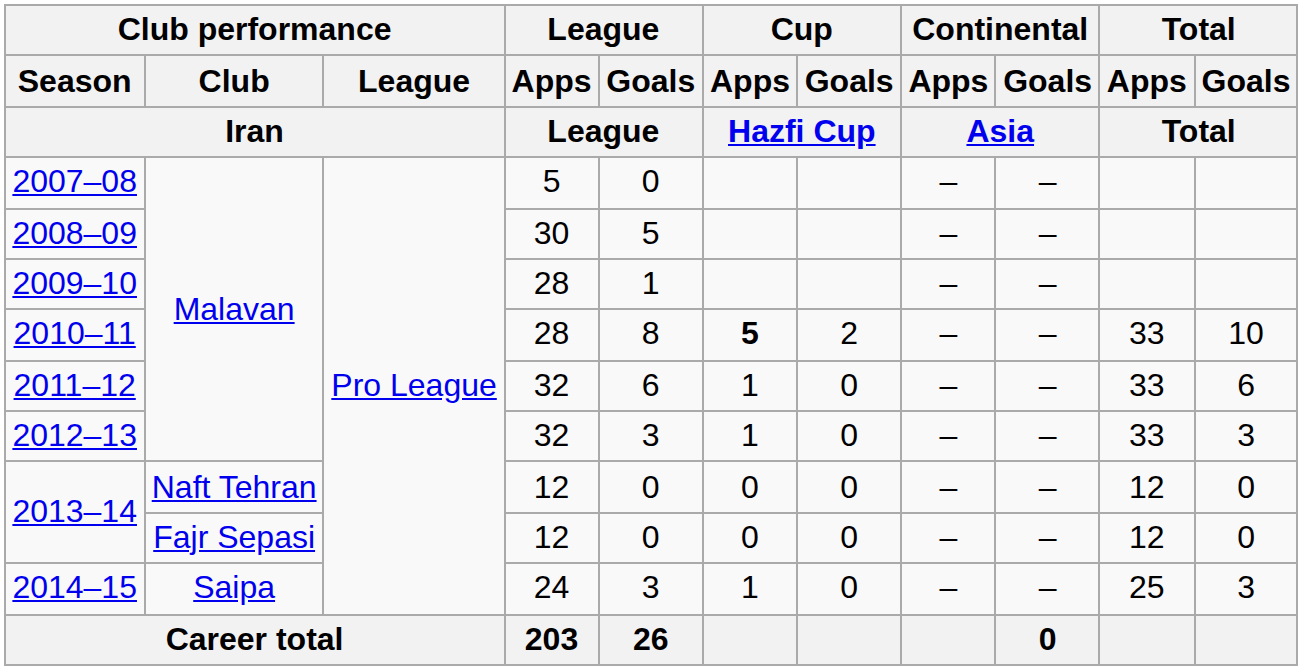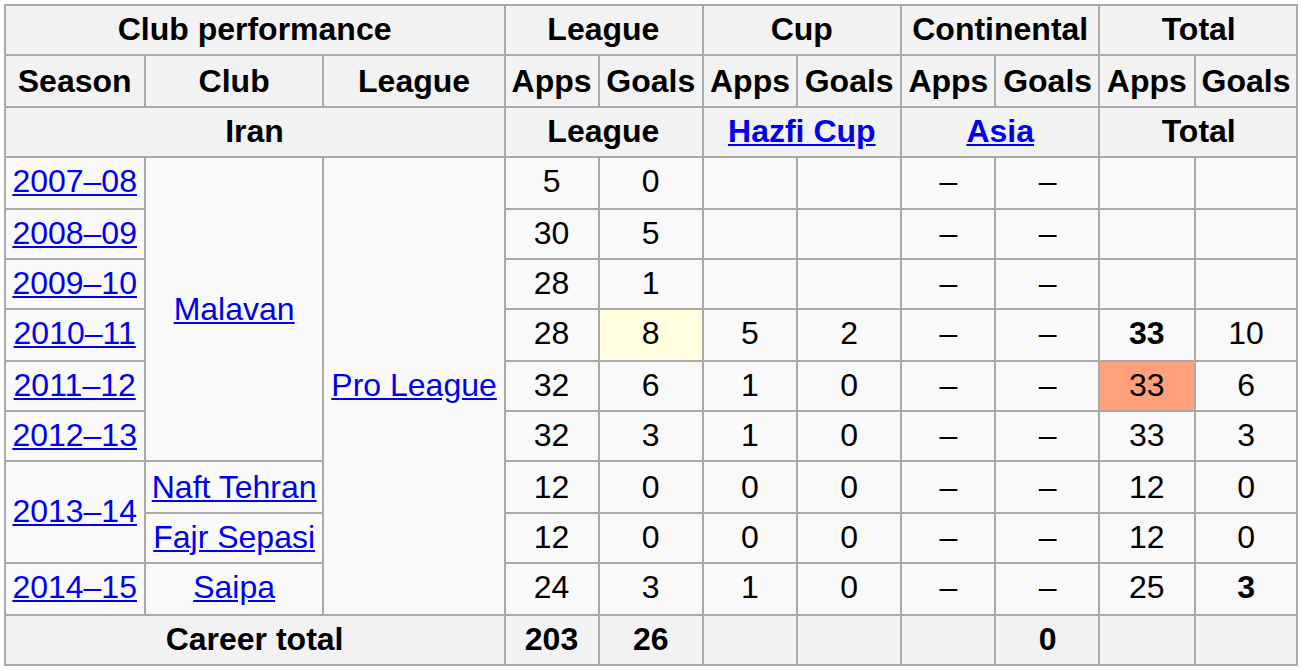 <table class="wikitable" style="text-align:center">
 <tr>
 <th colspan=3>Club performance</th>
 <th colspan=2>League</th>
 <th colspan=2>Cup</th>
 <th colspan=2>Continental</th>
 <th colspan=2>Total</th>
 </tr>
 <tr>
 <th>Season</th>
 <th>Club</th>
 <th>League</th>
 <th>Apps</th>
 <th>Goals</th>
 <th>Apps</th>
 <th>Goals</th>
 <th>Apps</th>
 <th>Goals</th>
 <th>Apps</th>
 <th>Goals</th>
 </tr>
 <tr>
 <th colspan=3>Iran</th>
 <th colspan=2>League</th>
 <th colspan=2><a href='#'>Hazfi Cup</a></th>
 <th colspan=2><a href='#'>Asia</a></th>
 <th colspan=2>Total</th>
 </tr>
 <tr>
 <td><a href='#'>2007–08</a></td>
 <td rowspan="6"><a href='#'>Malavan</a></td>
 <td rowspan="9"><a href='#'>Pro League</a></td>
 <td>5</td>
 <td>0</td>
 <td></td>
 <td></td>
 <td>–</td>
 <td>–</td>
 <td></td>
 <td></td>
 </tr>
 <tr>
 <td><a href='#'>2008–09</a></td>
 <td>30</td>
 <td>5</td>
 <td></td>
 <td></td>
 <td>–</td>
 <td>–</td>
 <td></td>
 <td></td>
 </tr>
 <tr>
 <td><a href='#'>2009–10</a></td>
 <td>28</td>
 <td>1</td>
 <td></td>
 <td></td>
 <td>–</td>
 <td>–</td>
 <td></td>
 <td></td>
 </tr>
 <tr>
 <td><a href='#'>2010–11</a></td>
 <td>28</td>
-<td>8</td>
-<td><strong>5</strong></td>
+<td style="background: lightyellow;">8</td>
+<td>5</td>
 <td>2</td>
 <td>–</td>
 <td>–</td>
-<td>33</td>
+<td><strong>33</strong></td>
 <td>10</td>
 </tr>
 <tr>
 <td><a href='#'>2011–12</a></td>
 <td>32</td>
 <td>6</td>
 <td>1</td>
 <td>0</td>
 <td>–</td>
 <td>–</td>
-<td>33</td>
+<td style="background: lightsalmon;">33</td>
 <td>6</td>
 </tr>
 <tr>
 <td><a href='#'>2012–13</a></td>
 <td>32</td>
 <td>3</td>
 <td>1</td>
 <td>0</td>
 <td>–</td>
 <td>–</td>
 <td>33</td>
 <td>3</td>
 </tr>
 <tr>
 <td rowspan="2"><a href='#'>2013–14</a></td>
 <td><a href='#'>Naft Tehran</a></td>
 <td>12</td>
 <td>0</td>
 <td>0</td>
 <td>0</td>
 <td>–</td>
 <td>–</td>
 <td>12</td>
 <td>0</td>
 </tr>
 <tr>
 <td><a href='#'>Fajr Sepasi</a></td>
 <td>12</td>
 <td>0</td>
 <td>0</td>
 <td>0</td>
 <td>–</td>
 <td>–</td>
 <td>12</td>
 <td>0</td>
 </tr>
 <tr>
 <td><a href='#'>2014–15</a></td>
 <td><a href='#'>Saipa</a></td>
 <td>24</td>
 <td>3</td>
 <td>1</td>
 <td>0</td>
 <td>–</td>
 <td>–</td>
 <td>25</td>
-<td>3</td>
+<td><strong>3</strong></td>
 </tr>
 <tr>
 <th colspan=3>Career total</th>
 <th>203</th>
 <th>26</th>
 <th></th>
 <th></th>
 <th></th>
 <th>0</th>
 <th></th>
 <th></th>
 </tr>
 </table>
